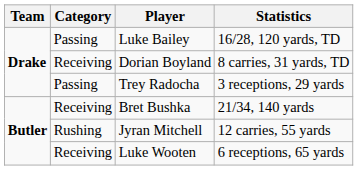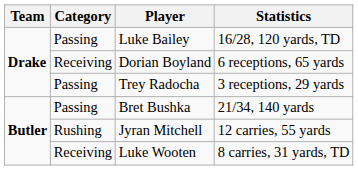 <table class="wikitable" style="float: right;">
 <tr>
 <th>Team</th>
 <th>Category</th>
 <th>Player</th>
 <th>Statistics</th>
 </tr>
 <tr>
 <td rowspan=3><strong>Drake</strong></td>
 <td>Passing</td>
 <td>Luke Bailey</td>
 <td>16/28, 120 yards, TD</td>
 </tr>
 <tr>
 <td>Receiving</td>
 <td>Dorian Boyland</td>
-<td>8 carries, 31 yards, TD</td>
+<td>6 receptions, 65 yards</td>
 </tr>
 <tr>
 <td>Passing</td>
 <td>Trey Radocha</td>
 <td>3 receptions, 29 yards</td>
 </tr>
 <tr>
 <td rowspan=3><strong>Butler</strong></td>
-<td>Receiving</td>
+<td>Passing</td>
 <td>Bret Bushka</td>
 <td>21/34, 140 yards</td>
 </tr>
 <tr>
 <td>Rushing</td>
 <td>Jyran Mitchell</td>
 <td>12 carries, 55 yards</td>
 </tr>
 <tr>
 <td>Receiving</td>
 <td>Luke Wooten</td>
-<td>6 receptions, 65 yards</td>
+<td>8 carries, 31 yards, TD</td>
 </tr>
 </table>
